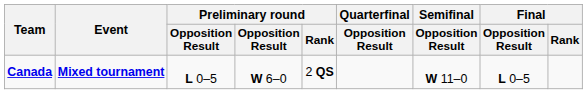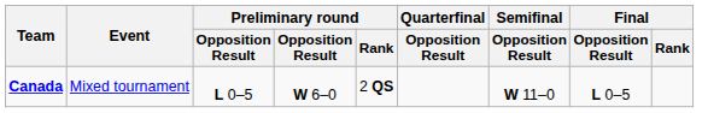 <table class=wikitable style=font-size:90%>
 <tr>
 <th rowspan=2>Team</th>
 <th rowspan=2>Event</th>
 <th colspan=3>Preliminary round</th>
 <th>Quarterfinal</th>
 <th>Semifinal</th>
 <th colspan=2>Final</th>
 </tr>
 <tr style=font-size:95%>
 <th>Opposition<br>Result</th>
 <th>Opposition<br>Result</th>
 <th>Rank</th>
 <th>Opposition<br>Result</th>
 <th>Opposition<br>Result</th>
 <th>Opposition<br>Result</th>
 <th>Rank</th>
 </tr>
 <tr align=center>
 <td align=left><strong><a href='#'>Canada</a></strong></td>
-<td align=left><strong><a href='#'>Mixed tournament</a></strong></td>
+<td align=left><a href='#'>Mixed tournament</a></td>
 <td><br><strong>L</strong> 0–5</td>
 <td><br><strong>W</strong> 6–0</td>
 <td>2 <strong>QS</strong></td>
 <td></td>
 <td><br><strong>W</strong> 11–0</td>
 <td><br><strong>L</strong> 0–5</td>
 <td></td>
 </tr>
 </table>
